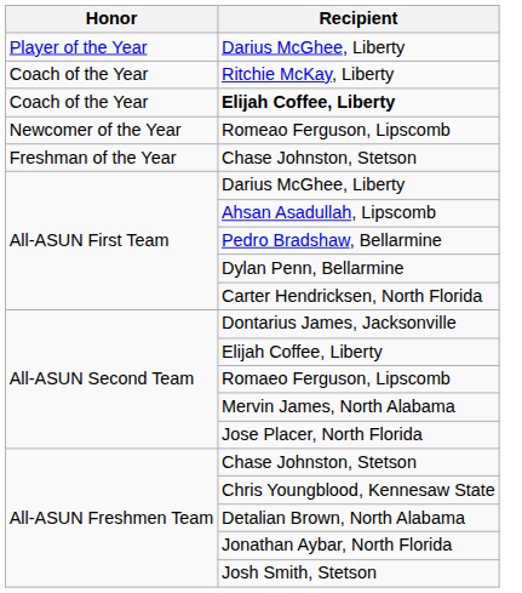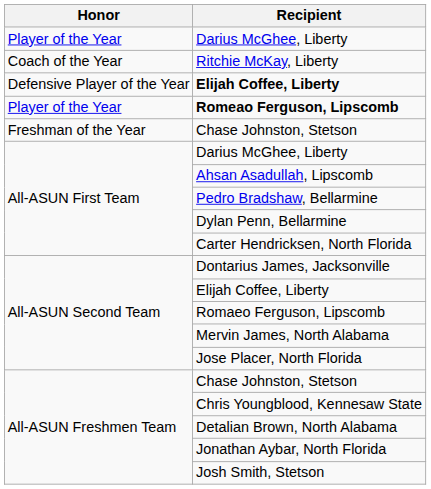 <table class="wikitable" border="1">
 <tr>
 <th>Honor</th>
 <th>Recipient</th>
 </tr>
 <tr>
 <td><a href='#'>Player of the Year</a></td>
 <td><a href='#'>Darius McGhee</a>, Liberty</td>
 </tr>
 <tr>
 <td>Coach of the Year</td>
 <td><a href='#'>Ritchie McKay</a>, Liberty</td>
 </tr>
 <tr>
-<td>Coach of the Year</td>
+<td>Defensive Player of the Year</td>
 <td><strong>Elijah Coffee, Liberty</strong></td>
 </tr>
 <tr>
-<td>Newcomer of the Year</td>
-<td>Romeao Ferguson, Lipscomb</td>
+<td><a href='#'>Player of the Year</a></td>
+<td><strong>Romeao Ferguson, Lipscomb</strong></td>
 </tr>
 <tr>
 <td>Freshman of the Year</td>
 <td>Chase Johnston, Stetson</td>
 </tr>
 <tr>
 <td rowspan=5 valign=middle>All-ASUN First Team</td>
 <td>Darius McGhee, Liberty</td>
 </tr>
 <tr>
 <td><a href='#'>Ahsan Asadullah</a>, Lipscomb</td>
 </tr>
 <tr>
 <td><a href='#'>Pedro Bradshaw</a>, Bellarmine</td>
 </tr>
 <tr>
 <td>Dylan Penn, Bellarmine</td>
 </tr>
 <tr>
 <td>Carter Hendricksen, North Florida</td>
 </tr>
 <tr>
 <td rowspan=5 valign=middle>All-ASUN Second Team</td>
 <td>Dontarius James, Jacksonville</td>
 </tr>
 <tr>
 <td>Elijah Coffee, Liberty</td>
 </tr>
 <tr>
 <td>Romaeo Ferguson, Lipscomb</td>
 </tr>
 <tr>
 <td>Mervin James, North Alabama</td>
 </tr>
 <tr>
 <td>Jose Placer, North Florida</td>
 </tr>
 <tr>
 <td rowspan=5 valign=middle>All-ASUN Freshmen Team</td>
 <td>Chase Johnston, Stetson</td>
 </tr>
 <tr>
 <td>Chris Youngblood, Kennesaw State</td>
 </tr>
 <tr>
 <td>Detalian Brown, North Alabama</td>
 </tr>
 <tr>
 <td>Jonathan Aybar, North Florida</td>
 </tr>
 <tr>
 <td>Josh Smith, Stetson</td>
 </tr>
 </table>
